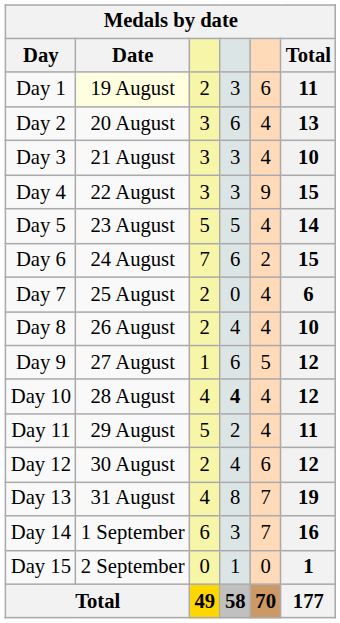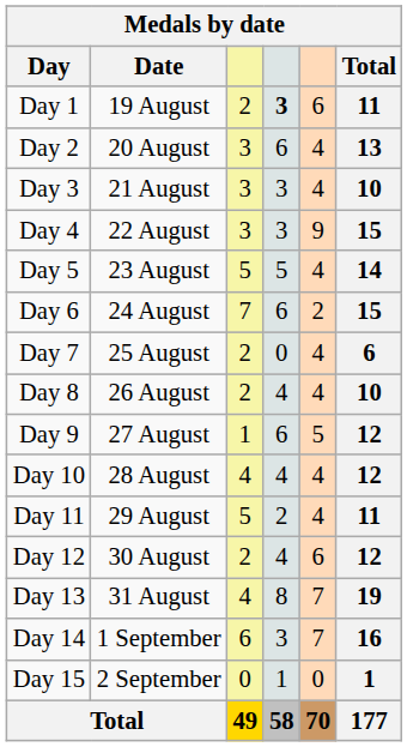 <table class=wikitable style="font-size:85%; text-align:center; float:right; clear:right;">
 <tr>
 <th colspan=6>Medals by date</th>
 </tr>
 <tr>
 <th>Day</th>
 <th>Date</th>
 <td bgcolor=#f7f6a8></td>
 <td bgcolor=#dce5e5></td>
 <td bgcolor=#ffdab9></td>
 <th>Total</th>
 </tr>
 <tr>
 <td>Day 1</td>
-<td style="background: lightyellow;">19 August</td>
+<td>19 August</td>
 <td bgcolor=F7F6A8>2</td>
-<td bgcolor=DCE5E5>3</td>
+<td bgcolor=DCE5E5><strong>3</strong></td>
 <td bgcolor=FFDAB9>6</td>
 <th>11</th>
 </tr>
 <tr>
 <td>Day 2</td>
 <td>20 August</td>
 <td bgcolor=F7F6A8>3</td>
 <td bgcolor=DCE5E5>6</td>
 <td bgcolor=FFDAB9>4</td>
 <th>13</th>
 </tr>
 <tr>
 <td>Day 3</td>
 <td>21 August</td>
 <td bgcolor=F7F6A8>3</td>
 <td bgcolor=DCE5E5>3</td>
 <td bgcolor=FFDAB9>4</td>
 <th>10</th>
 </tr>
 <tr>
 <td>Day 4</td>
 <td>22 August</td>
 <td bgcolor=F7F6A8>3</td>
 <td bgcolor=DCE5E5>3</td>
 <td bgcolor=FFDAB9>9</td>
 <th>15</th>
 </tr>
 <tr>
 <td>Day 5</td>
 <td>23 August</td>
 <td bgcolor=F7F6A8>5</td>
 <td bgcolor=DCE5E5>5</td>
 <td bgcolor=FFDAB9>4</td>
 <th>14</th>
 </tr>
 <tr>
 <td>Day 6</td>
 <td>24 August</td>
 <td bgcolor=F7F6A8>7</td>
 <td bgcolor=DCE5E5>6</td>
 <td bgcolor=FFDAB9>2</td>
 <th>15</th>
 </tr>
 <tr>
 <td>Day 7</td>
 <td>25 August</td>
 <td bgcolor=F7F6A8>2</td>
 <td bgcolor=DCE5E5>0</td>
 <td bgcolor=FFDAB9>4</td>
 <th>6</th>
 </tr>
 <tr>
 <td>Day 8</td>
 <td>26 August</td>
 <td bgcolor=F7F6A8>2</td>
 <td bgcolor=DCE5E5>4</td>
 <td bgcolor=FFDAB9>4</td>
 <th>10</th>
 </tr>
 <tr>
 <td>Day 9</td>
 <td>27 August</td>
 <td bgcolor=F7F6A8>1</td>
 <td bgcolor=DCE5E5>6</td>
 <td bgcolor=FFDAB9>5</td>
 <th>12</th>
 </tr>
 <tr>
 <td>Day 10</td>
 <td>28 August</td>
 <td bgcolor=F7F6A8>4</td>
-<td bgcolor=DCE5E5><strong>4</strong></td>
+<td bgcolor=DCE5E5>4</td>
 <td bgcolor=FFDAB9>4</td>
 <th>12</th>
 </tr>
 <tr>
 <td>Day 11</td>
 <td>29 August</td>
 <td bgcolor=F7F6A8>5</td>
 <td bgcolor=DCE5E5>2</td>
 <td bgcolor=FFDAB9>4</td>
 <th>11</th>
 </tr>
 <tr>
 <td>Day 12</td>
 <td>30 August</td>
 <td bgcolor=F7F6A8>2</td>
 <td bgcolor=DCE5E5>4</td>
 <td bgcolor=FFDAB9>6</td>
 <th>12</th>
 </tr>
 <tr>
 <td>Day 13</td>
 <td>31 August</td>
 <td bgcolor=F7F6A8>4</td>
 <td bgcolor=DCE5E5>8</td>
 <td bgcolor=FFDAB9>7</td>
 <th>19</th>
 </tr>
 <tr>
 <td>Day 14</td>
 <td>1 September</td>
 <td bgcolor=F7F6A8>6</td>
 <td bgcolor=DCE5E5>3</td>
 <td bgcolor=FFDAB9>7</td>
 <th>16</th>
 </tr>
 <tr>
 <td>Day 15</td>
 <td>2 September</td>
 <td bgcolor=F7F6A8>0</td>
 <td bgcolor=DCE5E5>1</td>
 <td bgcolor=FFDAB9>0</td>
 <th>1</th>
 </tr>
 <tr>
 <th colspan="2">Total</th>
 <th style="background:gold;">49</th>
 <th style="background:silver;">58</th>
 <th style="background:#c96;">70</th>
 <th>177</th>
 </tr>
 </table>
